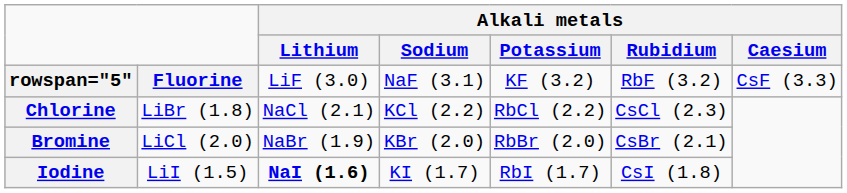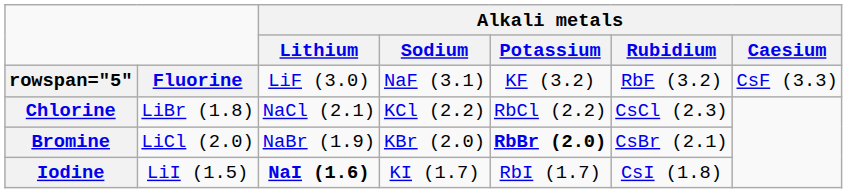 <table class="wikitable" style="text-align:center;margin: 1em auto;">
 <tr>
 <td colspan="2" rowspan="2"> </td>
 <th colspan="6">Alkali metals</th>
 </tr>
 <tr>
 <th><a href='#'>Lithium</a></th>
 <th><a href='#'>Sodium</a></th>
 <th><a href='#'>Potassium</a></th>
 <th><a href='#'>Rubidium</a></th>
 <th><a href='#'>Caesium</a></th>
 </tr>
 <tr>
 <th>rowspan="5" </th>
 <th><a href='#'>Fluorine</a></th>
 <td><a href='#'>LiF</a> (3.0)</td>
 <td><a href='#'>NaF</a> (3.1)</td>
 <td><a href='#'>KF</a> (3.2)</td>
 <td><a href='#'>RbF</a> (3.2)</td>
 <td><a href='#'>CsF</a> (3.3)</td>
 </tr>
 <tr>
 <th><a href='#'>Chlorine</a></th>
 <td><a href='#'>LiBr</a> (1.8)</td>
 <td><a href='#'>NaCl</a> (2.1)</td>
 <td><a href='#'>KCl</a> (2.2)</td>
 <td><a href='#'>RbCl</a> (2.2)</td>
 <td><a href='#'>CsCl</a> (2.3)</td>
 </tr>
 <tr>
 <th><a href='#'>Bromine</a></th>
 <td><a href='#'>LiCl</a> (2.0)</td>
 <td><a href='#'>NaBr</a> (1.9)</td>
 <td><a href='#'>KBr</a> (2.0)</td>
-<td><a href='#'>RbBr</a> (2.0)</td>
+<td><strong><a href='#'>RbBr</a> (2.0)</strong></td>
 <td><a href='#'>CsBr</a> (2.1)</td>
 </tr>
 <tr>
 <th><a href='#'>Iodine</a></th>
 <td><a href='#'>LiI</a> (1.5)</td>
 <td><strong><a href='#'>NaI</a> (1.6)</strong></td>
 <td><a href='#'>KI</a> (1.7)</td>
 <td><a href='#'>RbI</a> (1.7)</td>
 <td><a href='#'>CsI</a> (1.8)</td>
 </tr>
 </table>
